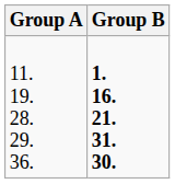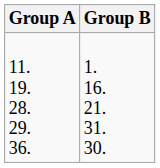 <table class=wikitable>
 <tr>
 <th width=50%>Group A</th>
 <th width=50%>Group B</th>
 </tr>
 <tr>
 <td><br>11. <br> 19. <br> 28. <br> 29. <br> 36. </td>
-<td><strong><br>1. <br> 16. <br> 21. <br> 31. <br> 30. </strong></td>
+<td><br>1. <br> 16. <br> 21. <br> 31. <br> 30. </td>
 </tr>
 </table>
